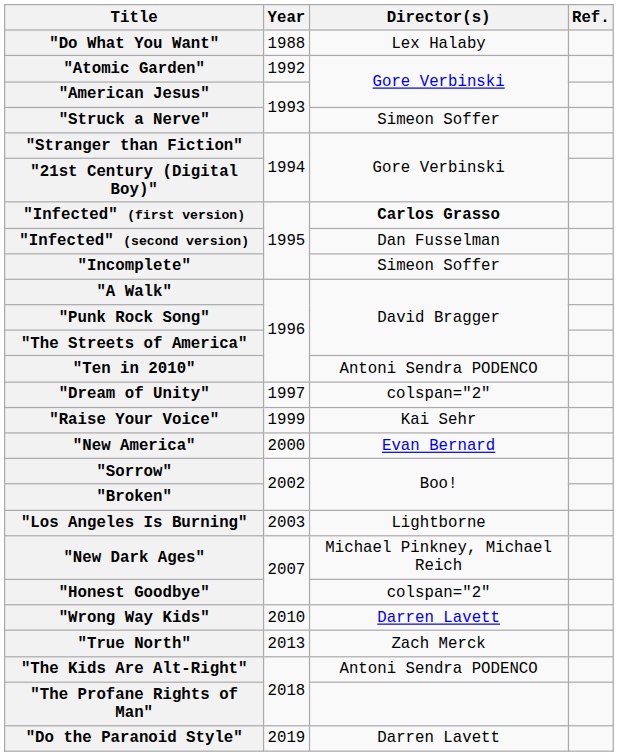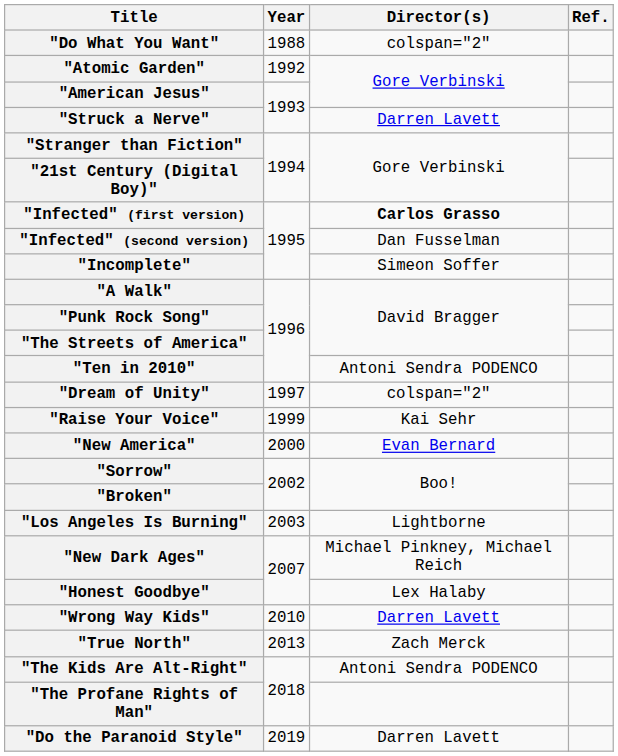 <table class="wikitable plainrowheaders" style="text-align:center;">
 <tr>
 <th scope="col" style="width:16em;">Title</th>
 <th scope="col">Year</th>
 <th scope="col" style="width:16em;">Director(s)</th>
 <th scope="col">Ref.</th>
 </tr>
 <tr>
 <th scope="row">"Do What You Want"</th>
 <td>1988</td>
-<td>Lex Halaby</td>
+<td>colspan="2" </td>
 </tr>
 <tr>
 <th scope="row">"Atomic Garden"</th>
 <td>1992</td>
 <td rowspan="2"><a href='#'>Gore Verbinski</a></td>
 <td></td>
 </tr>
 <tr>
 <th scope="row">"American Jesus"</th>
 <td rowspan="2">1993</td>
 <td></td>
 </tr>
 <tr>
 <th scope="row">"Struck a Nerve"</th>
-<td>Simeon Soffer</td>
+<td><a href='#'>Darren Lavett</a></td>
 <td></td>
 </tr>
 <tr>
 <th scope="row">"Stranger than Fiction"</th>
 <td rowspan="2">1994</td>
 <td rowspan="2">Gore Verbinski</td>
 <td></td>
 </tr>
 <tr>
 <th scope="row">"21st Century (Digital Boy)"</th>
 <td></td>
 </tr>
 <tr>
 <th scope="row">"Infected" <small>(first version)</small></th>
 <td rowspan="3">1995</td>
 <td><strong>Carlos Grasso</strong></td>
 <td></td>
 </tr>
 <tr>
 <th scope="row">"Infected" <small>(second version)</small></th>
 <td>Dan Fusselman</td>
 <td></td>
 </tr>
 <tr>
 <th scope="row">"Incomplete"</th>
 <td>Simeon Soffer</td>
 <td></td>
 </tr>
 <tr>
 <th scope="row">"A Walk"</th>
 <td rowspan="4">1996</td>
 <td rowspan="3">David Bragger</td>
 <td></td>
 </tr>
 <tr>
 <th scope="row">"Punk Rock Song"</th>
 <td></td>
 </tr>
 <tr>
 <th scope="row">"The Streets of America"</th>
 <td></td>
 </tr>
 <tr>
 <th scope="row">"Ten in 2010"</th>
 <td>Antoni Sendra PODENCO</td>
 <td></td>
 </tr>
 <tr>
 <th scope="row">"Dream of Unity"</th>
 <td>1997</td>
 <td>colspan="2" </td>
 </tr>
 <tr>
 <th scope="row">"Raise Your Voice"</th>
 <td>1999</td>
 <td>Kai Sehr</td>
 <td></td>
 </tr>
 <tr>
 <th scope="row">"New America"</th>
 <td>2000</td>
 <td><a href='#'>Evan Bernard</a></td>
 <td></td>
 </tr>
 <tr>
 <th scope="row">"Sorrow"</th>
 <td rowspan="2">2002</td>
 <td rowspan="2">Boo!</td>
 <td></td>
 </tr>
 <tr>
 <th scope="row">"Broken"</th>
 <td></td>
 </tr>
 <tr>
 <th scope="row">"Los Angeles Is Burning"</th>
 <td>2003</td>
 <td>Lightborne</td>
 <td></td>
 </tr>
 <tr>
 <th scope="row">"New Dark Ages"</th>
 <td rowspan="2">2007</td>
 <td>Michael Pinkney, Michael Reich</td>
 <td></td>
 </tr>
 <tr>
 <th scope="row">"Honest Goodbye"</th>
-<td>colspan="2" </td>
+<td>Lex Halaby</td>
 <td></td>
 </tr>
 <tr>
 <th scope="row">"Wrong Way Kids"</th>
 <td>2010</td>
 <td><a href='#'>Darren Lavett</a></td>
 <td></td>
 </tr>
 <tr>
 <th scope="row">"True North"</th>
 <td>2013</td>
 <td>Zach Merck</td>
 <td></td>
 </tr>
 <tr>
 <th scope="row">"The Kids Are Alt-Right"</th>
 <td rowspan="2">2018</td>
 <td>Antoni Sendra PODENCO</td>
 <td></td>
 </tr>
 <tr>
 <th scope="row">"The Profane Rights of Man"</th>
 <td></td>
 <td></td>
 </tr>
 <tr>
 <th scope="row">"Do the Paranoid Style"</th>
 <td rowspan="1">2019</td>
 <td>Darren Lavett</td>
 <td></td>
 </tr>
 </table>
